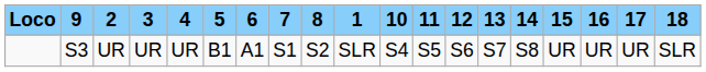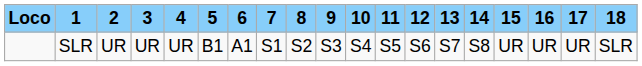 <table class="wikitable plainrowheaders unsortable" style="text-align:center">
 <tr>
 <th scope="col" rowspan="1" style="background:lightskyblue;">Loco</th>
-<th scope="col" rowspan="1" style="background:lightskyblue;">9</th>
+<th scope="col" rowspan="1" style="background:lightskyblue;">1</th>
 <th scope="col" rowspan="1" style="background:lightskyblue;">2</th>
 <th scope="col" rowspan="1" style="background:lightskyblue;">3</th>
 <th scope="col" rowspan="1" style="background:lightskyblue;">4</th>
 <th scope="col" rowspan="1" style="background:lightskyblue;">5</th>
 <th scope="col" rowspan="1" style="background:lightskyblue;">6</th>
 <th scope="col" rowspan="1" style="background:lightskyblue;">7</th>
 <th scope="col" rowspan="1" style="background:lightskyblue;">8</th>
-<th scope="col" rowspan="1" style="background:lightskyblue;">1</th>
+<th scope="col" rowspan="1" style="background:lightskyblue;">9</th>
 <th scope="col" rowspan="1" style="background:lightskyblue;">10</th>
 <th scope="col" rowspan="1" style="background:lightskyblue;">11</th>
 <th scope="col" rowspan="1" style="background:lightskyblue;">12</th>
 <th scope="col" rowspan="1" style="background:lightskyblue;">13</th>
 <th scope="col" rowspan="1" style="background:lightskyblue;">14</th>
 <th scope="col" rowspan="1" style="background:lightskyblue;">15</th>
 <th scope="col" rowspan="1" style="background:lightskyblue;">16</th>
 <th scope="col" rowspan="1" style="background:lightskyblue;">17</th>
 <th scope="col" rowspan="1" style="background:lightskyblue;">18</th>
 </tr>
 <tr>
 <td></td>
-<td>S3</td>
+<td>SLR</td>
 <td>UR</td>
 <td>UR</td>
 <td>UR</td>
 <td>B1</td>
 <td>A1</td>
 <td>S1</td>
 <td>S2</td>
-<td>SLR</td>
+<td>S3</td>
 <td>S4</td>
 <td>S5</td>
 <td>S6</td>
 <td>S7</td>
 <td>S8</td>
 <td>UR</td>
 <td>UR</td>
 <td>UR</td>
 <td>SLR</td>
 </tr>
 </table>
